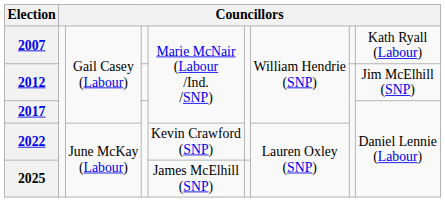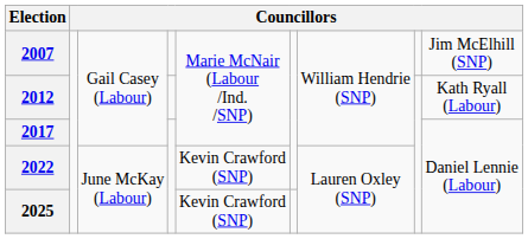 <table class="wikitable" style="text-align:center">
 <tr>
 <th>Election</th>
 <th colspan=8>Councillors</th>
 </tr>
 <tr>
 <th><a href='#'>2007</a></th>
 <td rowspan=5; style="background-color: "></td>
 <td rowspan=3>Gail Casey<br>(<a href='#'>Labour</a>)</td>
 <td rowspan=1; style="background-color: "></td>
 <td rowspan=3><a href='#'>Marie McNair</a><br>(<a href='#'>Labour</a><br>/Ind.<br>/<a href='#'>SNP</a>)</td>
 <td rowspan=4; style="background-color: "></td>
 <td rowspan=3>William Hendrie<br>(<a href='#'>SNP</a>)</td>
 <td rowspan=1; style="background-color: "></td>
-<td rowspan=1>Kath Ryall<br>(<a href='#'>Labour</a>)</td>
+<td rowspan=1>Jim McElhill<br>(<a href='#'>SNP</a>)</td>
 </tr>
 <tr>
 <th><a href='#'>2012</a></th>
 <td rowspan=1; style="background-color: "></td>
 <td rowspan=4; style="background-color: "></td>
-<td rowspan=1>Jim McElhill<br>(<a href='#'>SNP</a>)</td>
+<td rowspan=1>Kath Ryall<br>(<a href='#'>Labour</a>)</td>
 </tr>
 <tr>
 <th><a href='#'>2017</a></th>
 <td rowspan=3; style="background-color: "></td>
 <td rowspan=3>Daniel Lennie<br>(<a href='#'>Labour</a>)</td>
 </tr>
 <tr>
 <th><a href='#'>2022</a></th>
 <td rowspan=2>June McKay<br>(<a href='#'>Labour</a>)</td>
 <td rowspan=1>Kevin Crawford<br>(<a href='#'>SNP</a>)</td>
 <td rowspan=2>Lauren Oxley<br>(<a href='#'>SNP</a>)</td>
 </tr>
 <tr>
 <th>2025</th>
-<td rowspan=1>James McElhill<br>(<a href='#'>SNP</a>)</td>
+<td rowspan=1>Kevin Crawford<br>(<a href='#'>SNP</a>)</td>
 </tr>
 </table>
